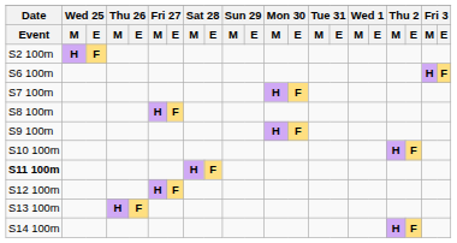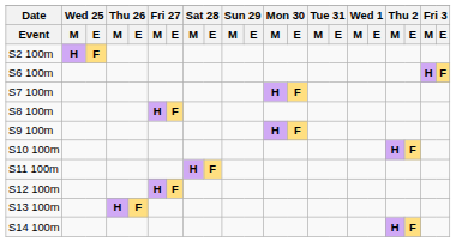 <table class="wikitable" style="margin:0.5em auto; font-size:90%; line-height:1.25em;">
 <tr align="center">
 </tr>
 <tr>
 <th>Date</th>
 <th colspan="2">Wed 25</th>
 <th colspan="2">Thu 26</th>
 <th colspan="2">Fri 27</th>
 <th colspan="2">Sat 28</th>
 <th colspan="2">Sun 29</th>
 <th colspan="2">Mon 30</th>
 <th colspan="2">Tue 31</th>
 <th colspan="2">Wed 1</th>
 <th colspan="2">Thu 2</th>
 <th colspan="2">Fri 3</th>
 </tr>
 <tr>
 <th>Event</th>
 <th>M</th>
 <th>E</th>
 <th>M</th>
 <th>E</th>
 <th>M</th>
 <th>E</th>
 <th>M</th>
 <th>E</th>
 <th>M</th>
 <th>E</th>
 <th>M</th>
 <th>E</th>
 <th>M</th>
 <th>E</th>
 <th>M</th>
 <th>E</th>
 <th>M</th>
 <th>E</th>
 <th>M</th>
 <th>E</th>
 </tr>
 <tr align="center">
 <td align="left">S2 100m</td>
 <td bgcolor="#D0A9F5"><strong>H</strong></td>
 <td bgcolor="#FFDF80"><strong>F</strong></td>
 <td colspan="2"></td>
 <td colspan="2"></td>
 <td colspan="2"></td>
 <td colspan="2"></td>
 <td colspan="2"></td>
 <td colspan="2"></td>
 <td colspan="2"></td>
 <td colspan="2"></td>
 <td colspan="2"></td>
 </tr>
 <tr align="center">
 <td align="left">S6 100m</td>
 <td colspan="2"></td>
 <td colspan="2"></td>
 <td colspan="2"></td>
 <td colspan="2"></td>
 <td colspan="2"></td>
 <td colspan="2"></td>
 <td colspan="2"></td>
 <td colspan="2"></td>
 <td colspan="2"></td>
 <td bgcolor="#D0A9F5"><strong>H</strong></td>
 <td bgcolor="#FFDF80"><strong>F</strong></td>
 </tr>
 <tr align="center">
 <td align="left">S7 100m</td>
 <td colspan="2"></td>
 <td colspan="2"></td>
 <td colspan="2"></td>
 <td colspan="2"></td>
 <td colspan="2"></td>
 <td bgcolor="#D0A9F5"><strong>H</strong></td>
 <td bgcolor="#FFDF80"><strong>F</strong></td>
 <td colspan="2"></td>
 <td colspan="2"></td>
 <td colspan="2"></td>
 <td colspan="2"></td>
 </tr>
 <tr align="center">
 <td align="left">S8 100m</td>
 <td colspan="2"></td>
 <td colspan="2"></td>
 <td bgcolor="#D0A9F5"><strong>H</strong></td>
 <td bgcolor="#FFDF80"><strong>F</strong></td>
 <td colspan="2"></td>
 <td colspan="2"></td>
 <td colspan="2"></td>
 <td colspan="2"></td>
 <td colspan="2"></td>
 <td colspan="2"></td>
 <td colspan="2"></td>
 </tr>
 <tr align="center">
 <td align="left">S9 100m</td>
 <td colspan="2"></td>
 <td colspan="2"></td>
 <td colspan="2"></td>
 <td colspan="2"></td>
 <td colspan="2"></td>
 <td bgcolor="#D0A9F5"><strong>H</strong></td>
 <td bgcolor="#FFDF80"><strong>F</strong></td>
 <td colspan="2"></td>
 <td colspan="2"></td>
 <td colspan="2"></td>
 <td colspan="2"></td>
 </tr>
 <tr align="center">
 <td align="left">S10 100m</td>
 <td colspan="2"></td>
 <td colspan="2"></td>
 <td colspan="2"></td>
 <td colspan="2"></td>
 <td colspan="2"></td>
 <td colspan="2"></td>
 <td colspan="2"></td>
 <td colspan="2"></td>
 <td bgcolor="#D0A9F5"><strong>H</strong></td>
 <td bgcolor="#FFDF80"><strong>F</strong></td>
 <td colspan="2"></td>
 </tr>
 <tr align="center">
-<td align="left"><strong>S11 100m</strong></td>
+<td align="left">S11 100m</td>
 <td colspan="2"></td>
 <td colspan="2"></td>
 <td colspan="2"></td>
 <td bgcolor="#D0A9F5"><strong>H</strong></td>
 <td bgcolor="#FFDF80"><strong>F</strong></td>
 <td colspan="2"></td>
 <td colspan="2"></td>
 <td colspan="2"></td>
 <td colspan="2"></td>
 <td colspan="2"></td>
 <td colspan="2"></td>
 </tr>
 <tr align="center">
 <td align="left">S12 100m</td>
 <td colspan="2"></td>
 <td colspan="2"></td>
 <td bgcolor="#D0A9F5"><strong>H</strong></td>
 <td bgcolor="#FFDF80"><strong>F</strong></td>
 <td colspan="2"></td>
 <td colspan="2"></td>
 <td colspan="2"></td>
 <td colspan="2"></td>
 <td colspan="2"></td>
 <td colspan="2"></td>
 <td colspan="2"></td>
 </tr>
 <tr align="center">
 <td align="left">S13 100m</td>
 <td colspan="2"></td>
 <td bgcolor="#D0A9F5"><strong>H</strong></td>
 <td bgcolor="#FFDF80"><strong>F</strong></td>
 <td colspan="2"></td>
 <td colspan="2"></td>
 <td colspan="2"></td>
 <td colspan="2"></td>
 <td colspan="2"></td>
 <td colspan="2"></td>
 <td colspan="2"></td>
 <td colspan="2"></td>
 </tr>
 <tr align="center">
 <td align="left">S14 100m</td>
 <td colspan="2"></td>
 <td colspan="2"></td>
 <td colspan="2"></td>
 <td colspan="2"></td>
 <td colspan="2"></td>
 <td colspan="2"></td>
 <td colspan="2"></td>
 <td colspan="2"></td>
 <td bgcolor="#D0A9F5"><strong>H</strong></td>
 <td bgcolor="#FFDF80"><strong>F</strong></td>
 <td colspan="2"></td>
 </tr>
 </table>
